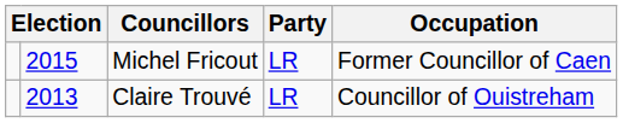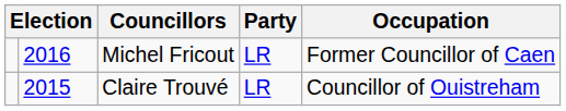 <table class="wikitable">
 <tr>
 <th colspan="2">Election</th>
 <th>Councillors</th>
 <th>Party</th>
 <th>Occupation</th>
 </tr>
 <tr>
 <td style="background-color: "></td>
-<td><a href='#'>2015</a></td>
+<td><a href='#'>2016</a></td>
 <td>Michel Fricout</td>
 <td><a href='#'>LR</a></td>
 <td>Former Councillor of <a href='#'>Caen</a></td>
 </tr>
 <tr>
 <td style="background-color: "></td>
-<td><a href='#'>2013</a></td>
+<td><a href='#'>2015</a></td>
 <td>Claire Trouvé</td>
 <td><a href='#'>LR</a></td>
 <td>Councillor of <a href='#'>Ouistreham</a></td>
 </tr>
 </table>
